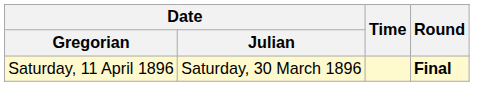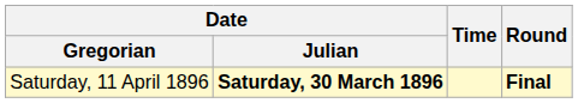 <table class="wikitable">
 <tr>
 <th colspan=2>Date</th>
 <th rowspan=2>Time</th>
 <th rowspan=2>Round</th>
 </tr>
 <tr>
 <th>Gregorian</th>
 <th>Julian</th>
 </tr>
 <tr style=background:lemonchiffon>
 <td>Saturday, 11 April 1896</td>
-<td>Saturday, 30 March 1896</td>
+<td><strong>Saturday, 30 March 1896</strong></td>
 <td></td>
 <td><strong>Final</strong></td>
 </tr>
 </table>
